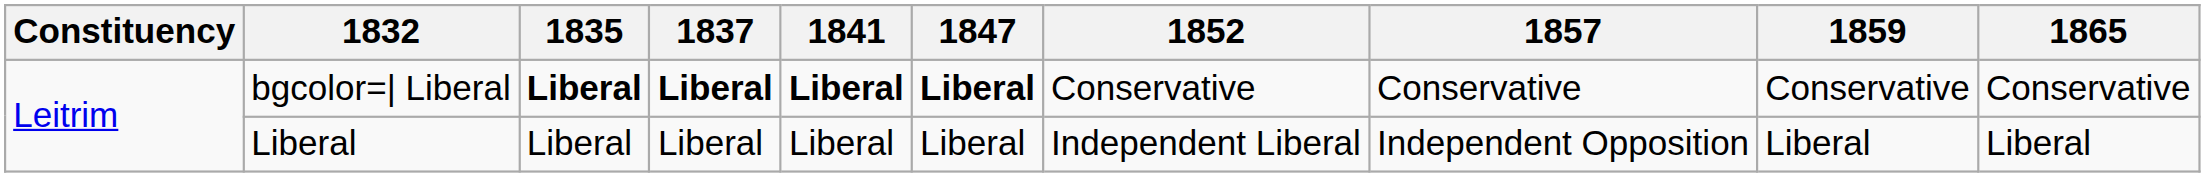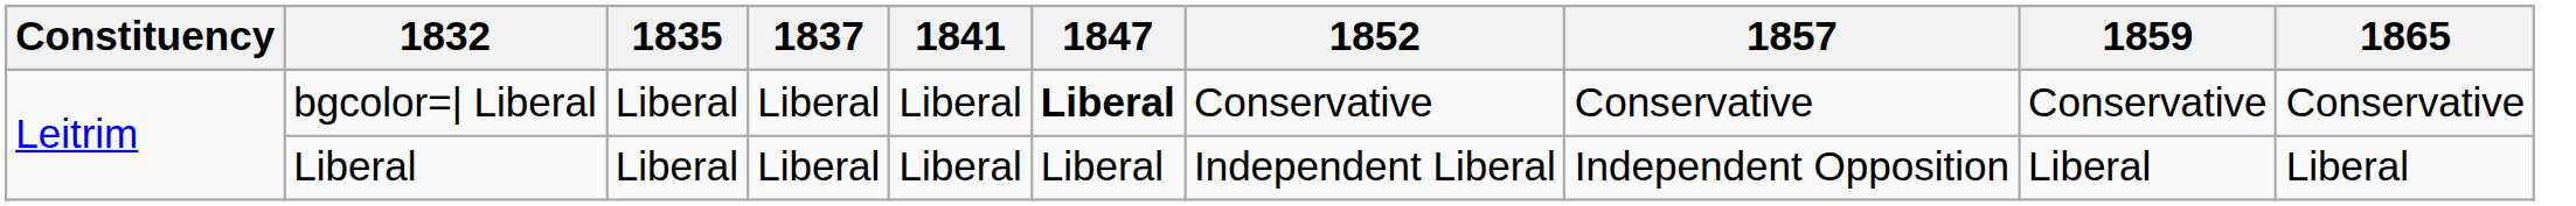 <table class=wikitable sortable>
 <tr>
 <th>Constituency</th>
 <th>1832</th>
 <th>1835</th>
 <th>1837</th>
 <th>1841</th>
 <th>1847</th>
 <th>1852</th>
 <th>1857</th>
 <th>1859</th>
 <th>1865</th>
 </tr>
 <tr>
 <td rowspan=2><a href='#'>Leitrim</a></td>
 <td align=center>bgcolor=| Liberal</td>
-<td bgcolor=><strong>Liberal</strong></td>
-<td bgcolor=><strong>Liberal</strong></td>
-<td bgcolor=><strong>Liberal</strong></td>
+<td bgcolor=>Liberal</td>
+<td bgcolor=>Liberal</td>
+<td bgcolor=>Liberal</td>
 <td bgcolor=><strong>Liberal</strong></td>
 <td bgcolor=>Conservative</td>
 <td bgcolor=>Conservative</td>
 <td bgcolor=>Conservative</td>
 <td bgcolor=>Conservative</td>
 </tr>
 <tr>
 <td bgcolor=>Liberal</td>
 <td bgcolor=>Liberal</td>
 <td bgcolor=>Liberal</td>
 <td bgcolor=>Liberal</td>
 <td bgcolor=>Liberal</td>
 <td bgcolor=>Independent Liberal</td>
 <td bgcolor=>Independent Opposition</td>
 <td bgcolor=>Liberal</td>
 <td bgcolor=>Liberal</td>
 </tr>
 </table>
